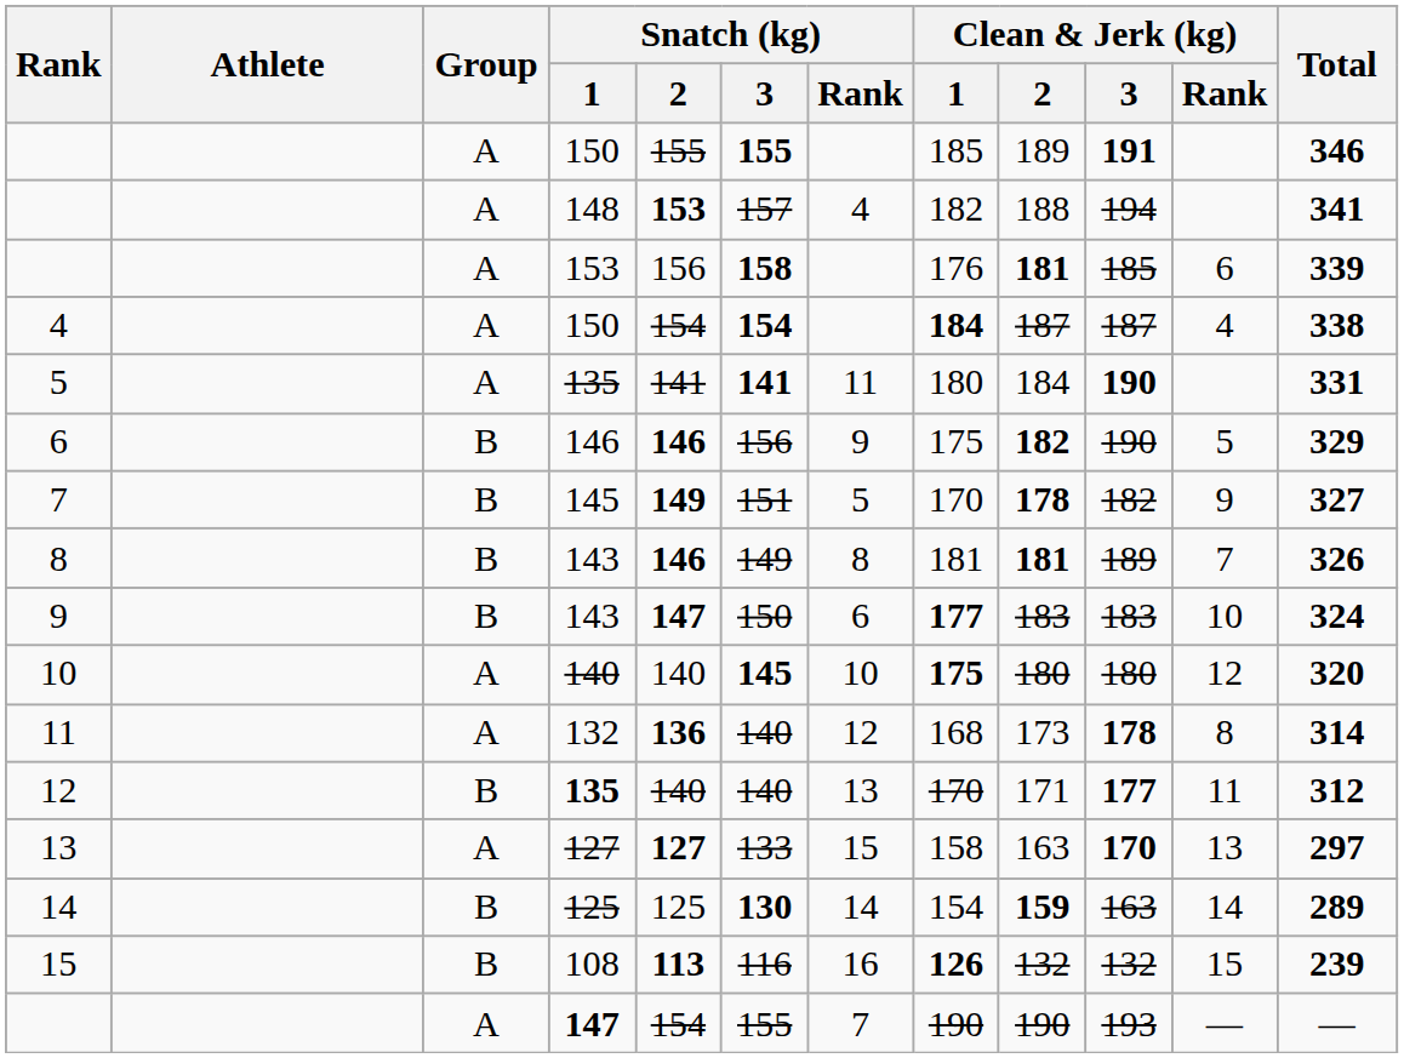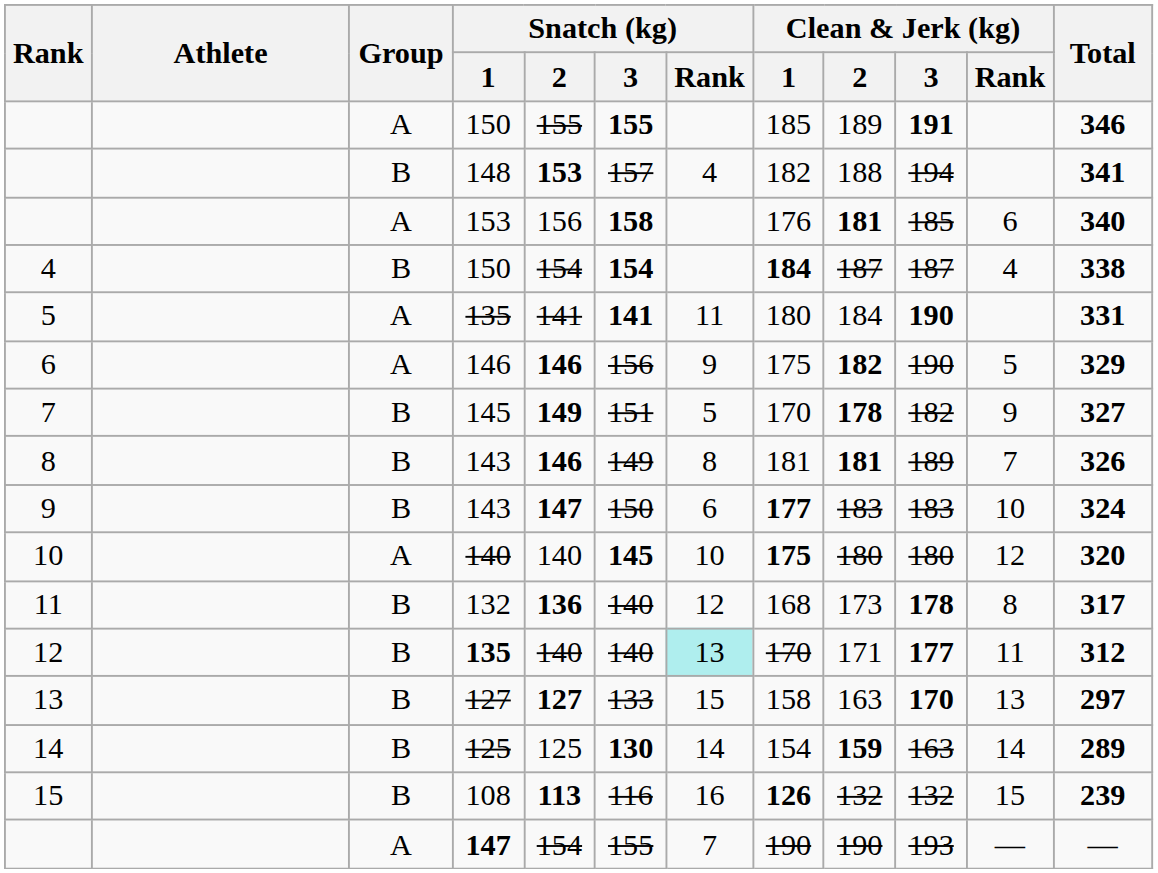 <table class = "wikitable" style="text-align:center;">
 <tr>
 <th rowspan=2 width=40>Rank</th>
 <th rowspan=2 width=250>Athlete</th>
 <th rowspan=2 width=50>Group</th>
 <th colspan=4>Snatch (kg)</th>
 <th colspan=4>Clean & Jerk (kg)</th>
 <th rowspan=2 width=60>Total</th>
 </tr>
 <tr>
 <th width=40>1</th>
 <th width=40>2</th>
 <th width=40>3</th>
 <th width=40>Rank</th>
 <th width=40>1</th>
 <th width=40>2</th>
 <th width=40>3</th>
 <th width=40>Rank</th>
 </tr>
 <tr>
 <td></td>
 <td align=left></td>
 <td>A</td>
 <td>150</td>
 <td><s>155</s></td>
 <td><strong>155</strong></td>
 <td></td>
 <td>185</td>
 <td>189</td>
 <td><strong>191</strong></td>
 <td></td>
 <td><strong>346</strong></td>
 </tr>
 <tr>
 <td></td>
 <td align=left></td>
-<td>A</td>
+<td>B</td>
 <td>148</td>
 <td><strong>153</strong></td>
 <td><s>157</s></td>
 <td>4</td>
 <td>182</td>
 <td>188</td>
 <td><s>194</s></td>
 <td></td>
 <td><strong>341</strong></td>
 </tr>
 <tr>
 <td></td>
 <td align=left></td>
 <td>A</td>
 <td>153</td>
 <td>156</td>
 <td><strong>158</strong></td>
 <td></td>
 <td>176</td>
 <td><strong>181</strong></td>
 <td><s>185</s></td>
 <td>6</td>
-<td><strong>339</strong></td>
+<td><strong>340</strong></td>
 </tr>
 <tr>
 <td>4</td>
 <td align=left></td>
-<td>A</td>
+<td>B</td>
 <td>150</td>
 <td><s>154</s></td>
 <td><strong>154</strong></td>
 <td></td>
 <td><strong>184</strong></td>
 <td><s>187</s></td>
 <td><s>187</s></td>
 <td>4</td>
 <td><strong>338</strong></td>
 </tr>
 <tr>
 <td>5</td>
 <td align=left></td>
 <td>A</td>
 <td><s>135</s></td>
 <td><s>141</s></td>
 <td><strong>141</strong></td>
 <td>11</td>
 <td>180</td>
 <td>184</td>
 <td><strong>190</strong></td>
 <td></td>
 <td><strong>331</strong></td>
 </tr>
 <tr>
 <td>6</td>
 <td align=left></td>
-<td>B</td>
+<td>A</td>
 <td>146</td>
 <td><strong>146</strong></td>
 <td><s>156</s></td>
 <td>9</td>
 <td>175</td>
 <td><strong>182</strong></td>
 <td><s>190</s></td>
 <td>5</td>
 <td><strong>329</strong></td>
 </tr>
 <tr>
 <td>7</td>
 <td align=left></td>
 <td>B</td>
 <td>145</td>
 <td><strong>149</strong></td>
 <td><s>151</s></td>
 <td>5</td>
 <td>170</td>
 <td><strong>178</strong></td>
 <td><s>182</s></td>
 <td>9</td>
 <td><strong>327</strong></td>
 </tr>
 <tr>
 <td>8</td>
 <td align=left></td>
 <td>B</td>
 <td>143</td>
 <td><strong>146</strong></td>
 <td><s>149</s></td>
 <td>8</td>
 <td>181</td>
 <td><strong>181</strong></td>
 <td><s>189</s></td>
 <td>7</td>
 <td><strong>326</strong></td>
 </tr>
 <tr>
 <td>9</td>
 <td align=left></td>
 <td>B</td>
 <td>143</td>
 <td><strong>147</strong></td>
 <td><s>150</s></td>
 <td>6</td>
 <td><strong>177</strong></td>
 <td><s>183</s></td>
 <td><s>183</s></td>
 <td>10</td>
 <td><strong>324</strong></td>
 </tr>
 <tr>
 <td>10</td>
 <td align=left></td>
 <td>A</td>
 <td><s>140</s></td>
 <td>140</td>
 <td><strong>145</strong></td>
 <td>10</td>
 <td><strong>175</strong></td>
 <td><s>180</s></td>
 <td><s>180</s></td>
 <td>12</td>
 <td><strong>320</strong></td>
 </tr>
 <tr>
 <td>11</td>
 <td align=left></td>
-<td>A</td>
+<td>B</td>
 <td>132</td>
 <td><strong>136</strong></td>
 <td><s>140</s></td>
 <td>12</td>
 <td>168</td>
 <td>173</td>
 <td><strong>178</strong></td>
 <td>8</td>
-<td><strong>314</strong></td>
+<td><strong>317</strong></td>
 </tr>
 <tr>
 <td>12</td>
 <td align=left></td>
 <td>B</td>
 <td><strong>135</strong></td>
 <td><s>140</s></td>
 <td><s>140</s></td>
-<td>13</td>
+<td style="background: paleturquoise;">13</td>
 <td><s>170</s></td>
 <td>171</td>
 <td><strong>177</strong></td>
 <td>11</td>
 <td><strong>312</strong></td>
 </tr>
 <tr>
 <td>13</td>
 <td align=left></td>
-<td>A</td>
+<td>B</td>
 <td><s>127</s></td>
 <td><strong>127</strong></td>
 <td><s>133</s></td>
 <td>15</td>
 <td>158</td>
 <td>163</td>
 <td><strong>170</strong></td>
 <td>13</td>
 <td><strong>297</strong></td>
 </tr>
 <tr>
 <td>14</td>
 <td align=left></td>
 <td>B</td>
 <td><s>125</s></td>
 <td>125</td>
 <td><strong>130</strong></td>
 <td>14</td>
 <td>154</td>
 <td><strong>159</strong></td>
 <td><s>163</s></td>
 <td>14</td>
 <td><strong>289</strong></td>
 </tr>
 <tr>
 <td>15</td>
 <td align=left></td>
 <td>B</td>
 <td>108</td>
 <td><strong>113</strong></td>
 <td><s>116</s></td>
 <td>16</td>
 <td><strong>126</strong></td>
 <td><s>132</s></td>
 <td><s>132</s></td>
 <td>15</td>
 <td><strong>239</strong></td>
 </tr>
 <tr>
 <td></td>
 <td align=left></td>
 <td>A</td>
 <td><strong>147</strong></td>
 <td><s>154</s></td>
 <td><s>155</s></td>
 <td>7</td>
 <td><s>190</s></td>
 <td><s>190</s></td>
 <td><s>193</s></td>
 <td>—</td>
 <td>—</td>
 </tr>
 </table>
